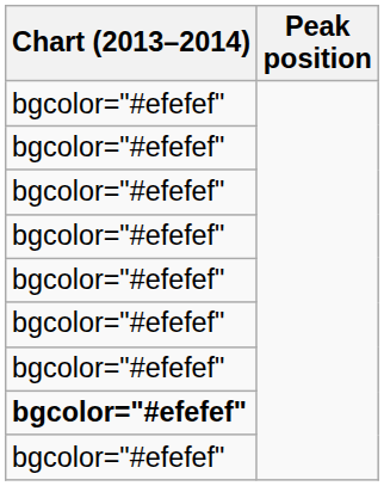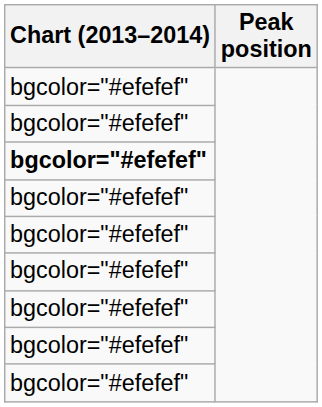 <table class="wikitable sortable plainrowheaders">
 <tr>
 <th>Chart (2013–2014)</th>
 <th>Peak<br>position</th>
+</tr>
+<tr>
+<td>bgcolor="#efefef" </td>
+</tr>
+<tr>
+<td>bgcolor="#efefef" </td>
+</tr>
+<tr>
+<td><strong>bgcolor="#efefef" </strong></td>
 </tr>
 <tr>
 <td>bgcolor="#efefef" </td>
 </tr>
 <tr>
 <td>bgcolor="#efefef" </td>
 </tr>
 <tr>
 <td>bgcolor="#efefef" </td>
 </tr>
 <tr>
 <td>bgcolor="#efefef" </td>
 </tr>
 <tr>
 <td>bgcolor="#efefef" </td>
 </tr>
 <tr>
 <td>bgcolor="#efefef" </td>
 </tr>
-<tr>
-<td>bgcolor="#efefef" </td>
-</tr>
-<tr>
-<td><strong>bgcolor="#efefef" </strong></td>
-</tr>
-<tr>
-<td>bgcolor="#efefef" </td>
-</tr>
 </table>
